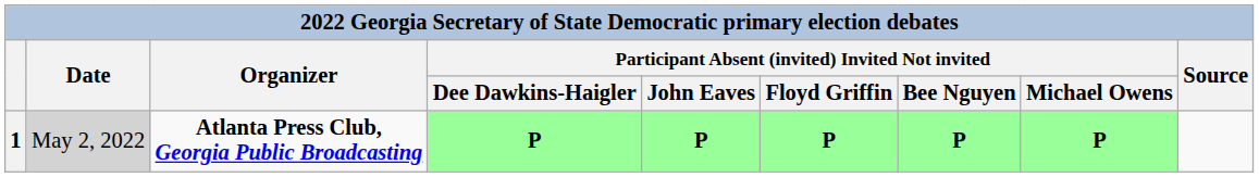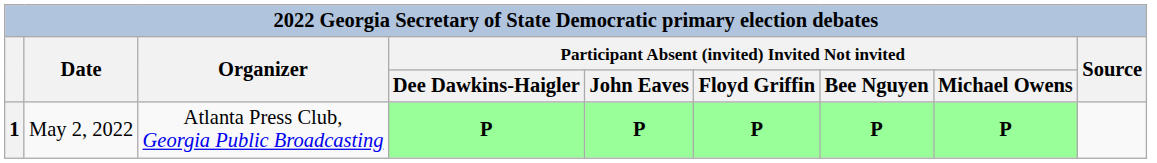 <table class="wikitable" style="text-align:center;">
 <tr>
 <th colspan="10" style="background-color:#B0C4DE;">2022 Georgia Secretary of State Democratic primary election debates</th>
 </tr>
 <tr>
 <th rowspan="2"></th>
 <th rowspan="2">Date</th>
 <th rowspan="2">Organizer</th>
 <th colspan="5"><small> Participant  Absent (invited)  Invited  Not invited</small></th>
 <th rowspan="2">Source</th>
 </tr>
 <tr>
 <th>Dee Dawkins-Haigler</th>
 <th>John Eaves</th>
 <th>Floyd Griffin</th>
 <th>Bee Nguyen</th>
 <th>Michael Owens</th>
 </tr>
 <tr>
 <th>1</th>
-<td style="background: lightgrey;">May 2, 2022</td>
-<td><strong>Atlanta Press Club,<br><em><a href='#'>Georgia Public Broadcasting</a></em></strong></td>
+<td>May 2, 2022</td>
+<td>Atlanta Press Club,<br><em><a href='#'>Georgia Public Broadcasting</a></em></td>
 <td style="background-color:#99FF99;"><strong>P</strong></td>
 <td style="background-color:#99FF99;"><strong>P</strong></td>
 <td style="background-color:#99FF99;"><strong>P</strong></td>
 <td style="background-color:#99FF99;"><strong>P</strong></td>
 <td style="background-color:#99FF99;"><strong>P</strong></td>
 <td></td>
 </tr>
 </table>
